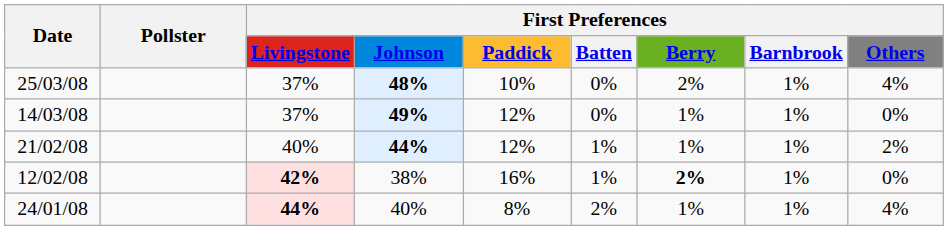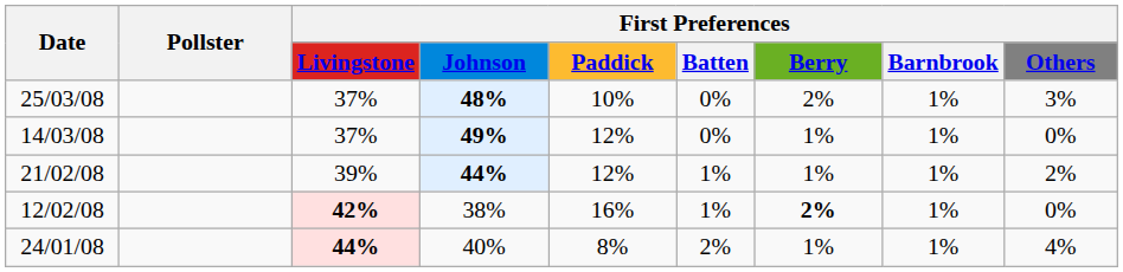 <table class="wikitable sortable" style="text-align:center">
 <tr>
 <th rowspan="2" class="unsortable" style="width:70px;">Date</th>
 <th rowspan="2" class="unsortable" style="width:110px;">Pollster</th>
 <th colspan="7">First Preferences</th>
 </tr>
 <tr>
 <th ! class="unsortable" style="background:#dc241f; width:80px;"><a href='#'><span>Livingstone</span></a></th>
 <th ! class="unsortable" style="background:#0087dc; width:80px;"><a href='#'><span>Johnson</span></a></th>
 <th ! class="unsortable" style="background:#fdbb30; width:80px"><a href='#'><span>Paddick</span></a></th>
 <th ! class="unsortable" style="background:"><a href='#'><span>Batten</span></a></th>
 <th ! class="unsortable" style="background:#6ab023; width:80px"><a href='#'><span>Berry</span></a></th>
 <th ! class="unsortable" style="background:"><a href='#'><span>Barnbrook</span></a></th>
 <th ! class="unsortable" style="background:gray; width:70px"><a href='#'><span>Others</span></a></th>
 </tr>
 <tr>
 <td>25/03/08</td>
 <td> </td>
 <td>37%</td>
 <td style="background:#e0efff"><strong>48%</strong></td>
 <td>10%</td>
 <td>0%</td>
 <td>2%</td>
 <td>1%</td>
-<td>4%</td>
+<td>3%</td>
 </tr>
 <tr>
 <td>14/03/08</td>
 <td> </td>
 <td>37%</td>
 <td style="background:#e0efff"><strong>49%</strong></td>
 <td>12%</td>
 <td>0%</td>
 <td>1%</td>
 <td>1%</td>
 <td>0%</td>
 </tr>
 <tr>
 <td>21/02/08</td>
 <td> </td>
-<td>40%</td>
+<td>39%</td>
 <td style="background:#e0efff"><strong>44%</strong></td>
 <td>12%</td>
 <td>1%</td>
 <td>1%</td>
 <td>1%</td>
 <td>2%</td>
 </tr>
 <tr>
 <td>12/02/08</td>
 <td> </td>
 <td style="background:#ffe0e0"><strong>42%</strong></td>
 <td>38%</td>
 <td>16%</td>
 <td>1%</td>
 <td><strong>2%</strong></td>
 <td>1%</td>
 <td>0%</td>
 </tr>
 <tr>
 <td>24/01/08</td>
 <td> </td>
 <td style="background:#ffe0e0"><strong>44%</strong></td>
 <td>40%</td>
 <td>8%</td>
 <td>2%</td>
 <td>1%</td>
 <td>1%</td>
 <td>4%</td>
 </tr>
 </table>
